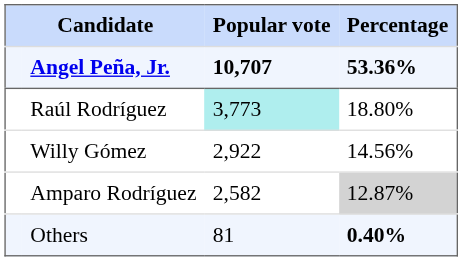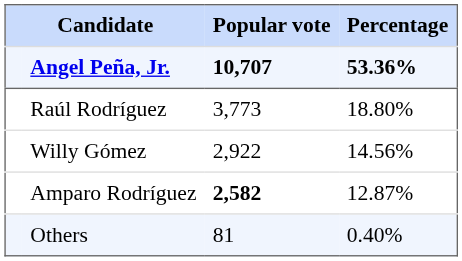 <table style="border: 1px solid #666666; border-collapse: collapse" align="center" cellpadding="6">
 <tr style="background-color: #C9DBFC">
 <th colspan="2">Candidate</th>
 <th>Popular vote</th>
 <th>Percentage</th>
 </tr>
 <tr style="background-color: #F0F5FE">
 <td style="border-top: 1px solid #DDDDDD"></td>
 <td style="border-top: 1px solid #DDDDDD"><strong><a href='#'>Angel Peña, Jr.</a></strong></td>
 <td style="border-top: 1px solid #DDDDDD"><strong>10,707</strong></td>
 <td style="border-top: 1px solid #DDDDDD"><strong>53.36%</strong></td>
 </tr>
 <tr>
 <td style="border-top: 1px solid #666666"></td>
 <td style="border-top: 1px solid #666666">Raúl Rodríguez</td>
-<td style="background: paleturquoise; border-top: 1px solid #666666">3,773</td>
+<td style="border-top: 1px solid #666666">3,773</td>
 <td style="border-top: 1px solid #666666">18.80%</td>
 </tr>
 <tr>
 <td style="border-top: 1px solid #DDDDDD"></td>
 <td style="border-top: 1px solid #DDDDDD">Willy Gómez</td>
 <td style="border-top: 1px solid #DDDDDD">2,922</td>
 <td style="border-top: 1px solid #DDDDDD">14.56%</td>
 </tr>
 <tr>
 <td style="border-top: 1px solid #DDDDDD"></td>
 <td style="border-top: 1px solid #DDDDDD">Amparo Rodríguez</td>
-<td style="border-top: 1px solid #DDDDDD">2,582</td>
-<td style="background: lightgrey; border-top: 1px solid #DDDDDD">12.87%</td>
+<td style="border-top: 1px solid #DDDDDD"><strong>2,582</strong></td>
+<td style="border-top: 1px solid #DDDDDD">12.87%</td>
 </tr>
 <tr style="background-color: #F0F5FE">
 <td style="border-top: 1px solid #DDDDDD"></td>
 <td style="border-top: 1px solid #DDDDDD">Others</td>
 <td style="border-top: 1px solid #DDDDDD">81</td>
-<td style="border-top: 1px solid #DDDDDD"><strong>0.40%</strong></td>
+<td style="border-top: 1px solid #DDDDDD">0.40%</td>
 </tr>
 </table>
